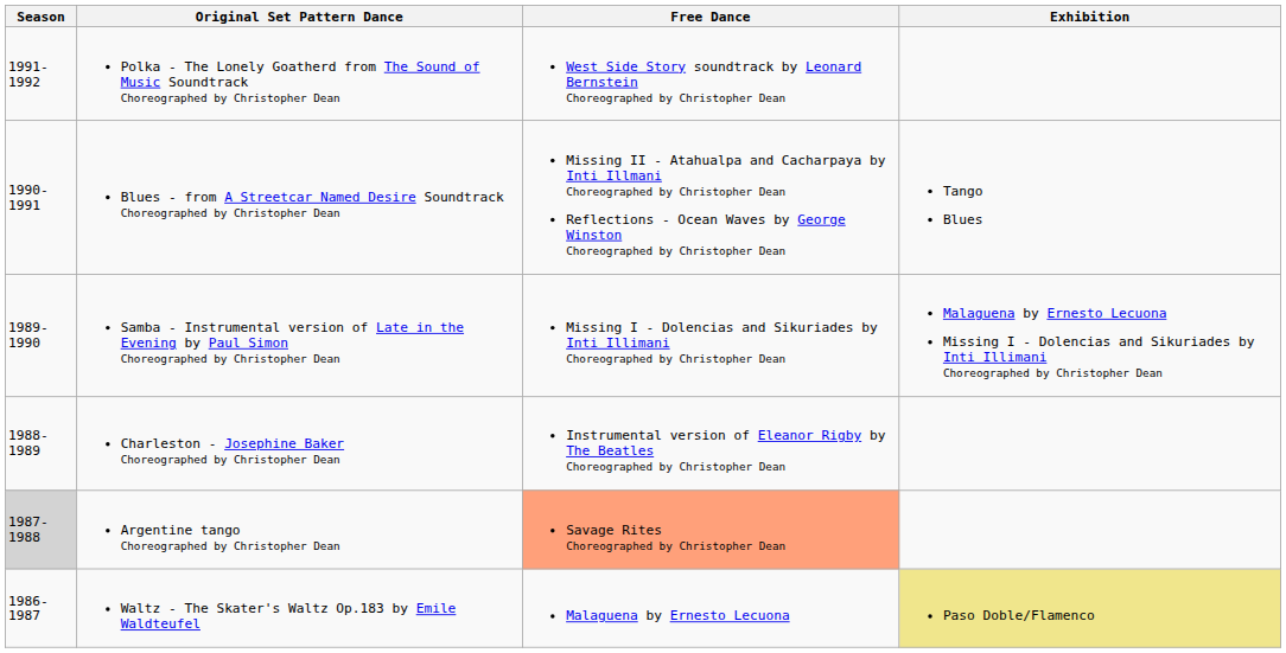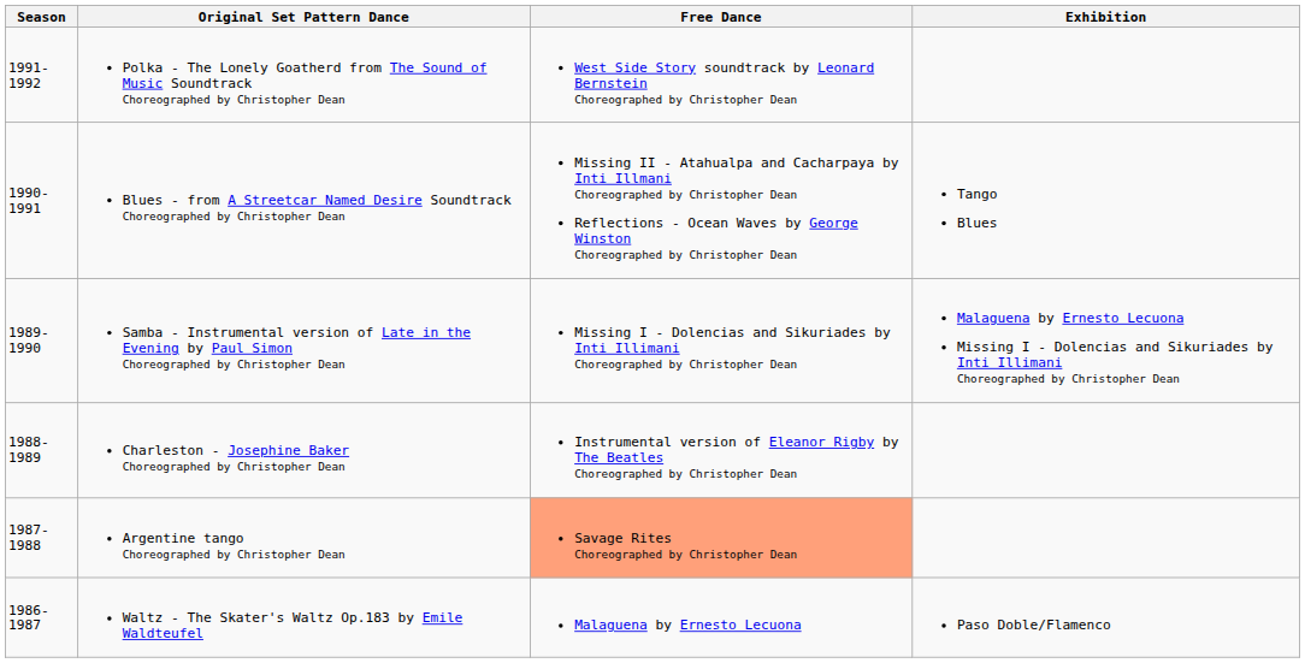 <table class="wikitable">
 <tr>
 <th>Season</th>
 <th>Original Set Pattern Dance</th>
 <th>Free Dance</th>
 <th>Exhibition</th>
 </tr>
 <tr>
 <td>1991-1992</td>
 <td><br><ul><li>Polka - The Lonely Goatherd from <a href='#'>The Sound of Music</a> Soundtrack <br><small>Choreographed by Christopher Dean</small></li></ul></td>
 <td><br><ul><li><a href='#'>West Side Story</a> soundtrack by <a href='#'>Leonard Bernstein</a> <br><small>Choreographed by Christopher Dean</small></li></ul></td>
 </tr>
 <tr>
 <td>1990-1991</td>
 <td><br><ul><li>Blues - from <a href='#'>A Streetcar Named Desire</a> Soundtrack <br><small>Choreographed by Christopher Dean</small></li></ul></td>
 <td><br><ul><li>Missing II - Atahualpa and Cacharpaya by <a href='#'>Inti Illmani</a> <br><small>Choreographed by Christopher Dean</small></li></ul><ul><li>Reflections - Ocean Waves by <a href='#'>George Winston</a> <br><small>Choreographed by Christopher Dean</small></li></ul></td>
 <td><br><ul><li>Tango</li></ul><ul><li>Blues</li></ul></td>
 </tr>
 <tr>
 <td>1989-1990</td>
 <td><br><ul><li>Samba - Instrumental version of <a href='#'>Late in the Evening</a> by <a href='#'>Paul Simon</a> <br><small>Choreographed by Christopher Dean</small></li></ul></td>
 <td><br><ul><li>Missing I - Dolencias and Sikuriades by <a href='#'>Inti Illimani</a> <br><small>Choreographed by Christopher Dean</small></li></ul></td>
 <td><br><ul><li><a href='#'>Malaguena</a> by <a href='#'>Ernesto Lecuona</a></li></ul><ul><li>Missing I - Dolencias and Sikuriades by <a href='#'>Inti Illimani</a> <br><small>Choreographed by Christopher Dean</small></li></ul></td>
 </tr>
 <tr>
 <td>1988-1989</td>
 <td><br><ul><li>Charleston - <a href='#'>Josephine Baker</a> <br><small>Choreographed by Christopher Dean</small></li></ul></td>
 <td><br><ul><li>Instrumental version of <a href='#'>Eleanor Rigby</a> by <a href='#'>The Beatles</a> <br><small>Choreographed by Christopher Dean</small></li></ul></td>
 <td></td>
 </tr>
 <tr>
-<td style="background: lightgrey;">1987-1988</td>
+<td>1987-1988</td>
 <td><br><ul><li>Argentine tango <br><small>Choreographed by Christopher Dean</small></li></ul></td>
 <td style="background: lightsalmon;"><br><ul><li>Savage Rites <br><small>Choreographed by Christopher Dean</small></li></ul></td>
 <td></td>
 </tr>
 <tr>
 <td>1986-1987</td>
 <td><br><ul><li>Waltz - The Skater's Waltz Op.183 by <a href='#'>Emile Waldteufel</a></li></ul></td>
 <td><br><ul><li><a href='#'>Malaguena</a> by <a href='#'>Ernesto Lecuona</a></li></ul></td>
-<td style="background: khaki;"><br><ul><li>Paso Doble/Flamenco</li></ul></td>
+<td><br><ul><li>Paso Doble/Flamenco</li></ul></td>
 </tr>
 </table>
